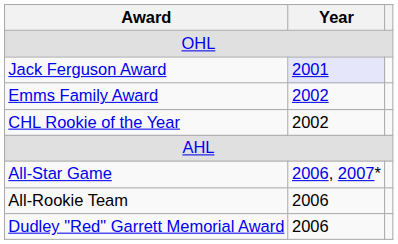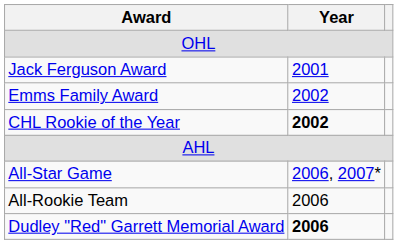 <table class="wikitable">
 <tr>
 <th>Award</th>
 <th>Year</th>
 <th></th>
 </tr>
 <tr ALIGN="center" bgcolor="#e0e0e0">
 <td colspan="3"><a href='#'>OHL</a></td>
 </tr>
 <tr>
 <td><a href='#'>Jack Ferguson Award</a></td>
-<td style="background: lavender;"><a href='#'>2001</a></td>
+<td><a href='#'>2001</a></td>
 <td></td>
 </tr>
 <tr>
 <td><a href='#'>Emms Family Award</a></td>
 <td><a href='#'>2002</a></td>
 <td></td>
 </tr>
 <tr>
 <td><a href='#'>CHL Rookie of the Year</a></td>
-<td>2002</td>
+<td><strong>2002</strong></td>
 <td></td>
 </tr>
 <tr ALIGN="center" bgcolor="#e0e0e0">
 <td colspan="3"><a href='#'>AHL</a></td>
 </tr>
 <tr>
 <td><a href='#'>All-Star Game</a></td>
 <td><a href='#'>2006</a>, <a href='#'>2007</a>*</td>
 <td></td>
 </tr>
 <tr>
 <td>All-Rookie Team</td>
 <td>2006</td>
 <td></td>
 </tr>
 <tr>
 <td><a href='#'>Dudley "Red" Garrett Memorial Award</a></td>
-<td>2006</td>
+<td><strong>2006</strong></td>
 <td></td>
 </tr>
 </table>
